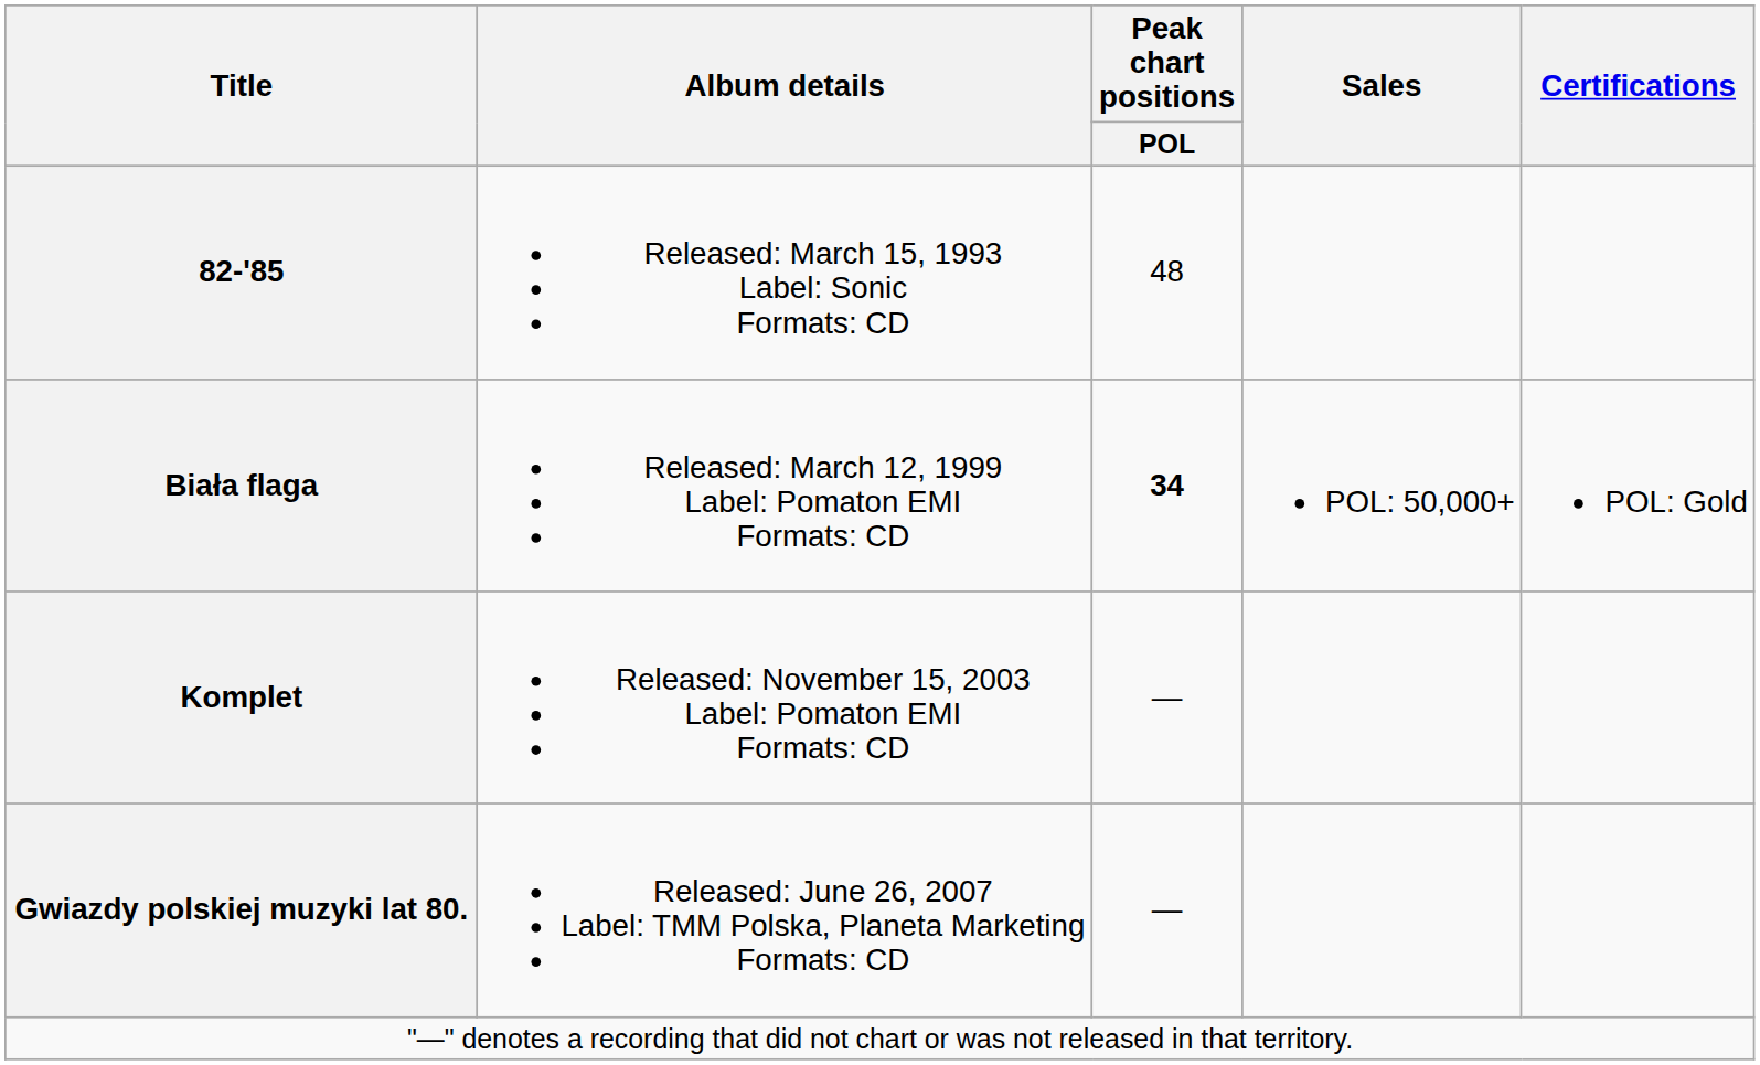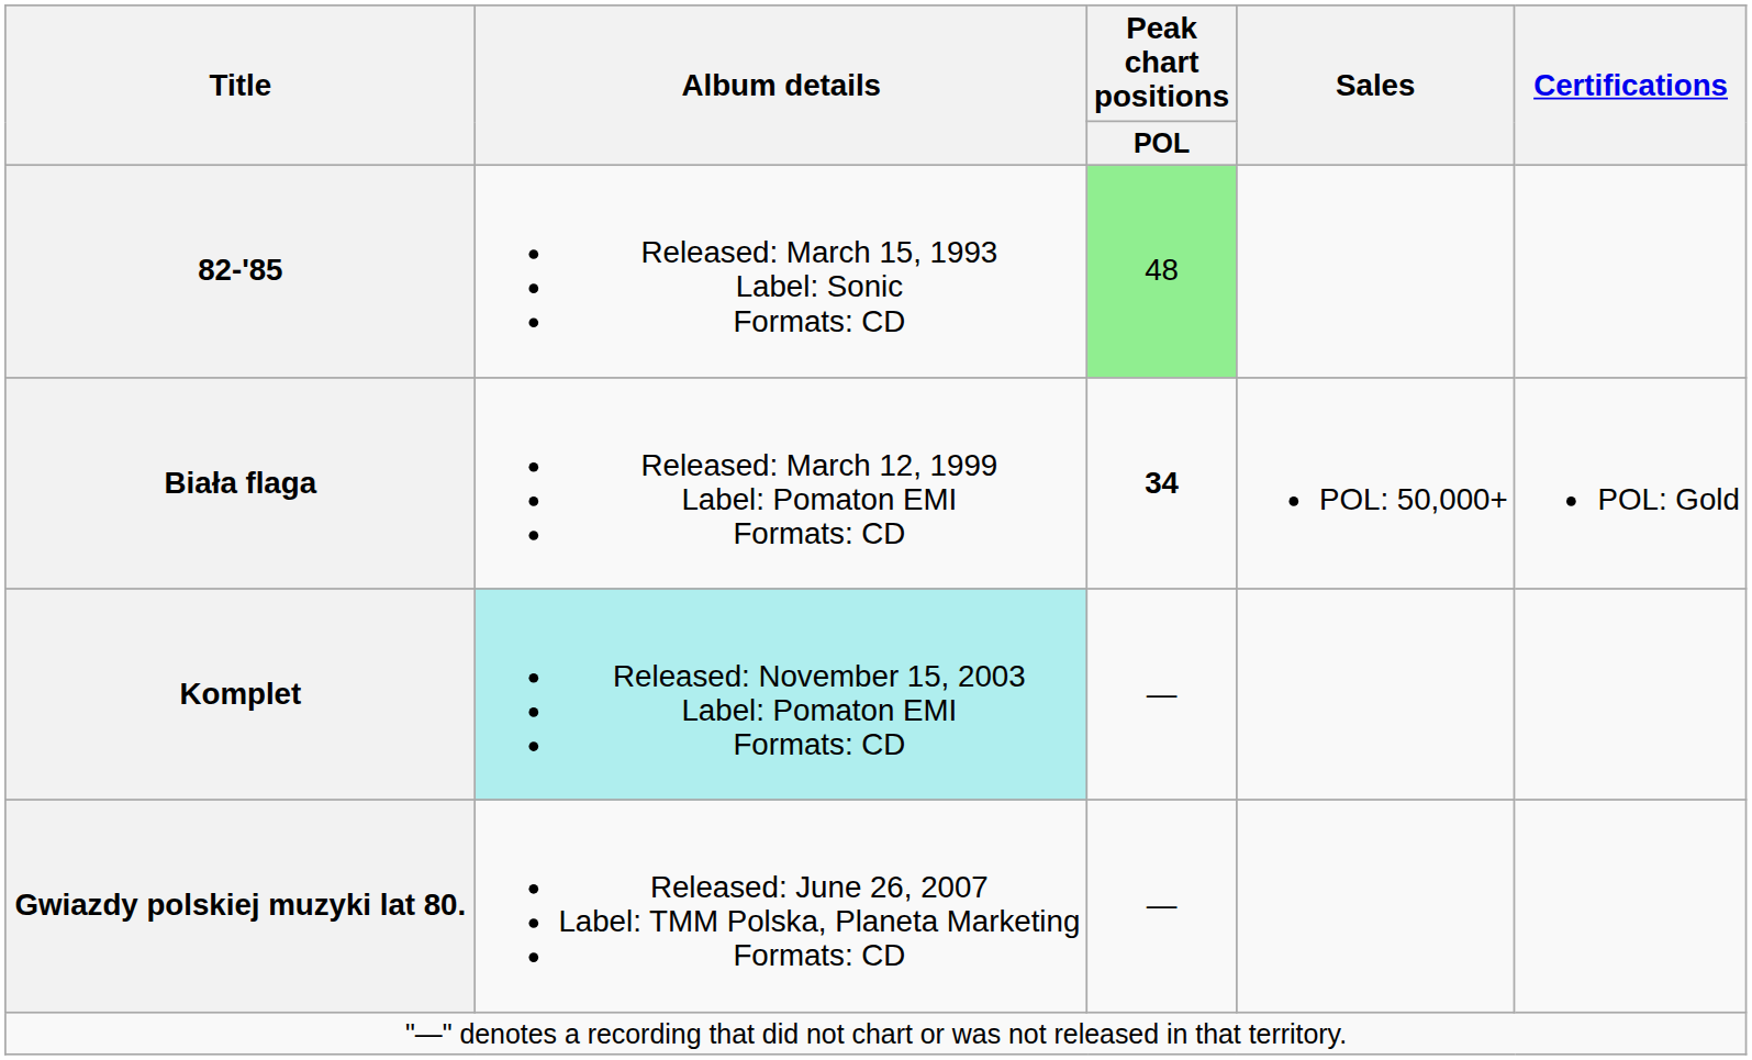 <table class="wikitable plainrowheaders" style="text-align:center;">
 <tr>
 <th scope="col" rowspan="2" style="width:15em;">Title</th>
 <th scope="col" rowspan="2">Album details</th>
 <th scope="col" colspan="1">Peak chart positions</th>
 <th scope="col" rowspan="2">Sales</th>
 <th scope="col" rowspan="2"><a href='#'>Certifications</a></th>
 </tr>
 <tr>
 <th scope="col" style="width:3em;font-size:90%;">POL<br></th>
 </tr>
 <tr>
 <th scope="row"><strong>82-'85<em></th>
 <td><br><ul><li>Released: March 15, 1993</li><li>Label: Sonic</li><li>Formats: CD</li></ul></td>
-<td>48</td>
+<td style="background: lightgreen;">48</td>
 <td></td>
 <td></td>
 </tr>
 <tr>
 <th scope="row"></em>Biała flaga<em></th>
 <td><br><ul><li>Released: March 12, 1999</li><li>Label: Pomaton EMI</li><li>Formats: CD</li></ul></td>
 <td><strong>34</strong></td>
 <td><br><ul><li>POL: 50,000+</li></ul></td>
 <td><br><ul><li>POL: Gold</li></ul></td>
 </tr>
 <tr>
 <th scope="row"></em>Komplet<em></th>
-<td><br><ul><li>Released: November 15, 2003</li><li>Label: Pomaton EMI</li><li>Formats: CD</li></ul></td>
+<td style="background: paleturquoise;"><br><ul><li>Released: November 15, 2003</li><li>Label: Pomaton EMI</li><li>Formats: CD</li></ul></td>
 <td>—</td>
 <td></td>
 <td></td>
 </tr>
 <tr>
 <th scope="row"></em>Gwiazdy polskiej muzyki lat 80.<em></th>
 <td><br><ul><li>Released: June 26, 2007</li><li>Label: TMM Polska, Planeta Marketing</li><li>Formats: CD</li></ul></td>
 <td>—</td>
 <td></td>
 <td></td>
 </tr>
 <tr>
 <td colspan="20" style="font-size:90%">"—" denotes a recording that did not chart or was not released in that territory.</td>
 </tr>
 </table>
